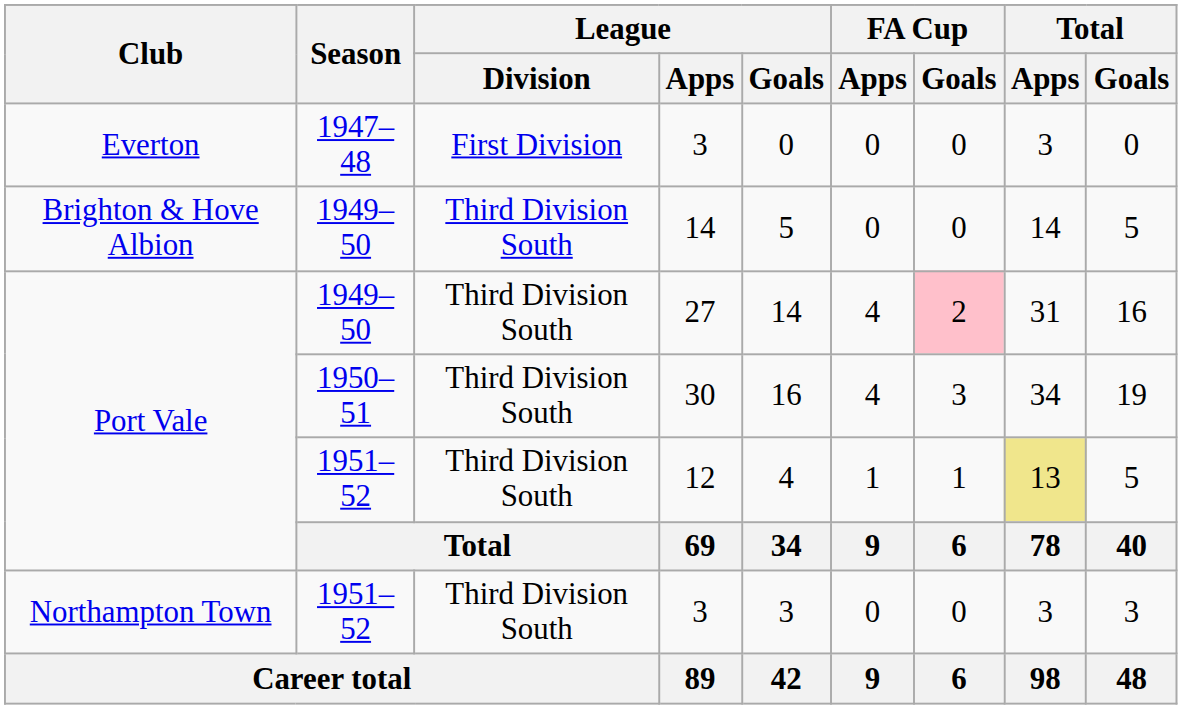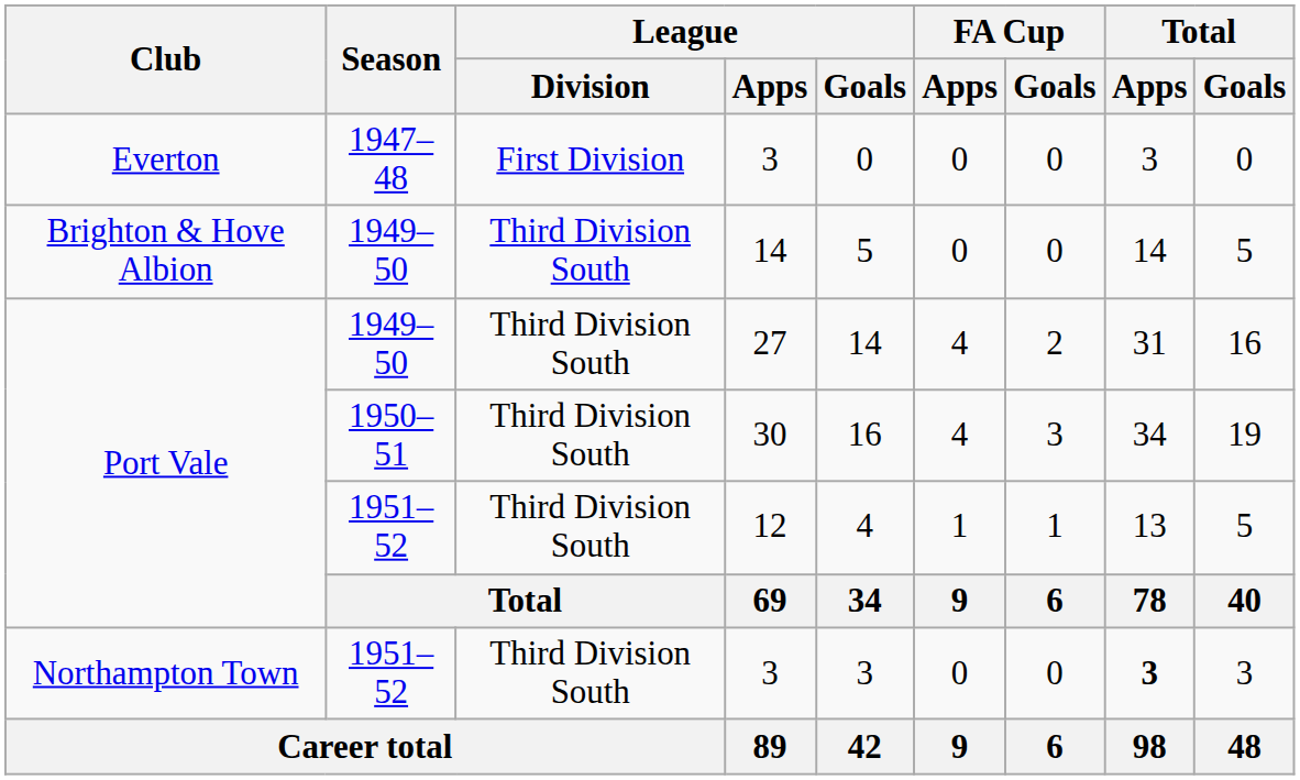 <table class="wikitable" style="text-align: center;">
 <tr>
 <th rowspan="2">Club</th>
 <th rowspan="2">Season</th>
 <th colspan="3">League</th>
 <th colspan="2">FA Cup</th>
 <th colspan="2">Total</th>
 </tr>
 <tr>
 <th>Division</th>
 <th>Apps</th>
 <th>Goals</th>
 <th>Apps</th>
 <th>Goals</th>
 <th>Apps</th>
 <th>Goals</th>
 </tr>
 <tr>
 <td><a href='#'>Everton</a></td>
 <td><a href='#'>1947–48</a></td>
 <td><a href='#'>First Division</a></td>
 <td>3</td>
 <td>0</td>
 <td>0</td>
 <td>0</td>
 <td>3</td>
 <td>0</td>
 </tr>
 <tr>
 <td><a href='#'>Brighton & Hove Albion</a></td>
 <td><a href='#'>1949–50</a></td>
 <td><a href='#'>Third Division South</a></td>
 <td>14</td>
 <td>5</td>
 <td>0</td>
 <td>0</td>
 <td>14</td>
 <td>5</td>
 </tr>
 <tr>
 <td rowspan="4"><a href='#'>Port Vale</a></td>
 <td><a href='#'>1949–50</a></td>
 <td>Third Division South</td>
 <td>27</td>
 <td>14</td>
 <td>4</td>
-<td style="background: pink;">2</td>
+<td>2</td>
 <td>31</td>
 <td>16</td>
 </tr>
 <tr>
 <td><a href='#'>1950–51</a></td>
 <td>Third Division South</td>
 <td>30</td>
 <td>16</td>
 <td>4</td>
 <td>3</td>
 <td>34</td>
 <td>19</td>
 </tr>
 <tr>
 <td><a href='#'>1951–52</a></td>
 <td>Third Division South</td>
 <td>12</td>
 <td>4</td>
 <td>1</td>
 <td>1</td>
-<td style="background: khaki;">13</td>
+<td>13</td>
 <td>5</td>
 </tr>
 <tr>
 <th colspan="2">Total</th>
 <th>69</th>
 <th>34</th>
 <th>9</th>
 <th>6</th>
 <th>78</th>
 <th>40</th>
 </tr>
 <tr>
 <td><a href='#'>Northampton Town</a></td>
 <td><a href='#'>1951–52</a></td>
 <td>Third Division South</td>
 <td>3</td>
 <td>3</td>
 <td>0</td>
 <td>0</td>
-<td>3</td>
+<td><strong>3</strong></td>
 <td>3</td>
 </tr>
 <tr>
 <th colspan="3">Career total</th>
 <th>89</th>
 <th>42</th>
 <th>9</th>
 <th>6</th>
 <th>98</th>
 <th>48</th>
 </tr>
 </table>
